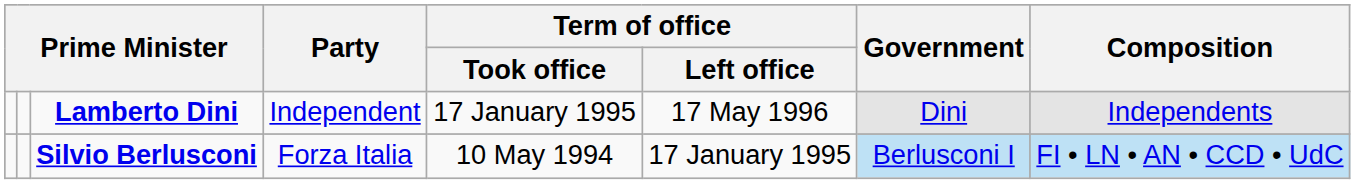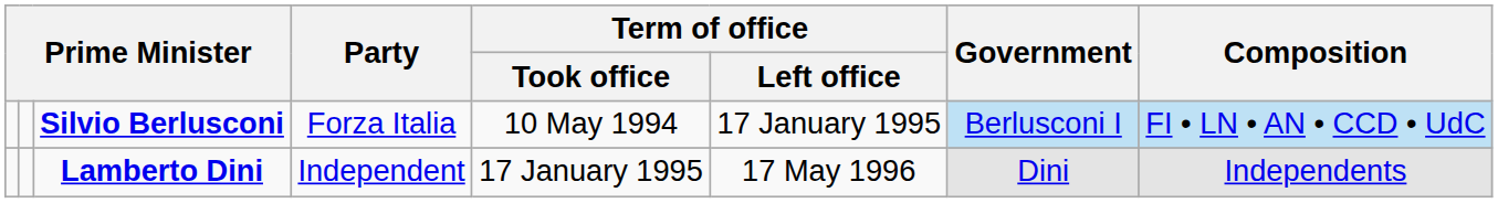 <table class="wikitable" style="text-align:center">
 <tr>
 <th colspan=3 rowspan=2>Prime Minister</th>
 <th rowspan=2>Party</th>
 <th colspan=2>Term of office</th>
 <th rowspan=2>Government</th>
 <th rowspan=2>Composition</th>
 </tr>
 <tr>
 <th>Took office</th>
 <th>Left office</th>
 </tr>
 <tr>
 <td style="background:"></td>
 <td></td>
+<td><strong><a href='#'>Silvio Berlusconi</a></strong><br></td>
+<td><a href='#'>Forza Italia</a></td>
+<td class="nowrap">10 May 1994</td>
+<td class="nowrap">17 January 1995</td>
+<td bgcolor=#BEE1F5><a href='#'>Berlusconi I</a></td>
+<td bgcolor=#BEE1F5><a href='#'>FI</a> • <a href='#'>LN</a> • <a href='#'>AN</a> • <a href='#'>CCD</a> • <a href='#'>UdC</a> <br></td>
+</tr>
+<tr>
+<td style="background:"></td>
+<td></td>
 <td><strong><a href='#'>Lamberto Dini</a></strong><br></td>
 <td><a href='#'>Independent</a></td>
 <td>17 January 1995</td>
 <td>17 May 1996</td>
 <td bgcolor=#E4E4E4><a href='#'>Dini</a></td>
 <td bgcolor=#E4E4E4><a href='#'>Independents</a> <br></td>
 </tr>
-<tr>
-<td style="background:"></td>
-<td></td>
-<td><strong><a href='#'>Silvio Berlusconi</a></strong><br></td>
-<td><a href='#'>Forza Italia</a></td>
-<td class="nowrap">10 May 1994</td>
-<td class="nowrap">17 January 1995</td>
-<td bgcolor=#BEE1F5><a href='#'>Berlusconi I</a></td>
-<td bgcolor=#BEE1F5><a href='#'>FI</a> • <a href='#'>LN</a> • <a href='#'>AN</a> • <a href='#'>CCD</a> • <a href='#'>UdC</a> <br></td>
-</tr>
 </table>
